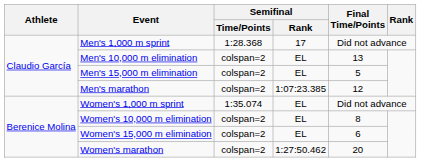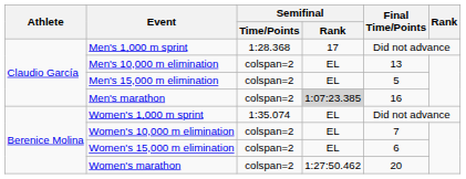 <table class=wikitable style="font-size:90%">
 <tr align=center>
 <th rowspan=2>Athlete</th>
 <th rowspan=2>Event</th>
 <th colspan=2>Semifinal</th>
 <th rowspan=2>Final <br> Time/Points</th>
 <th rowspan=2>Rank</th>
 </tr>
 <tr align=center>
 <th>Time/Points</th>
 <th>Rank</th>
 </tr>
 <tr align=center>
 <td rowspan=4 align=left><a href='#'>Claudio García</a></td>
 <td align=left><a href='#'>Men's 1,000 m sprint</a></td>
 <td>1:28.368</td>
 <td>17</td>
 <td colspan=2>Did not advance</td>
 </tr>
 <tr align=center>
 <td align=left><a href='#'>Men's 10,000 m elimination</a></td>
 <td>colspan=2 </td>
 <td>EL</td>
 <td>13</td>
 </tr>
 <tr align=center>
 <td align=left><a href='#'>Men's 15,000 m elimination</a></td>
 <td>colspan=2 </td>
 <td>EL</td>
 <td>5</td>
 </tr>
 <tr align=center>
 <td align=left><a href='#'>Men's marathon</a></td>
 <td>colspan=2 </td>
-<td>1:07:23.385</td>
-<td>12</td>
+<td style="background: lightgrey;">1:07:23.385</td>
+<td>16</td>
 </tr>
 <tr align=center>
 <td rowspan=4 align=left><a href='#'>Berenice Molina</a></td>
 <td align=left><a href='#'>Women's 1,000 m sprint</a></td>
 <td>1:35.074</td>
 <td>EL</td>
 <td colspan=2>Did not advance</td>
 </tr>
 <tr align=center>
 <td align=left><a href='#'>Women's 10,000 m elimination</a></td>
 <td>colspan=2 </td>
 <td>EL</td>
-<td>8</td>
+<td>7</td>
 </tr>
 <tr align=center>
 <td align=left><a href='#'>Women's 15,000 m elimination</a></td>
 <td>colspan=2 </td>
 <td>EL</td>
 <td>6</td>
 </tr>
 <tr align=center>
 <td align=left><a href='#'>Women's marathon</a></td>
 <td>colspan=2 </td>
 <td>1:27:50.462</td>
 <td>20</td>
 </tr>
 </table>
